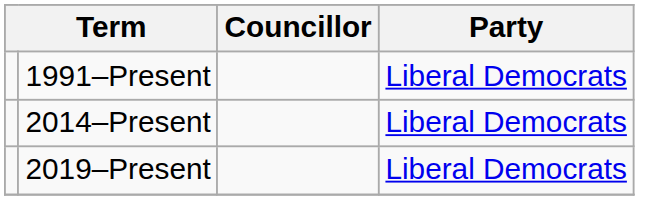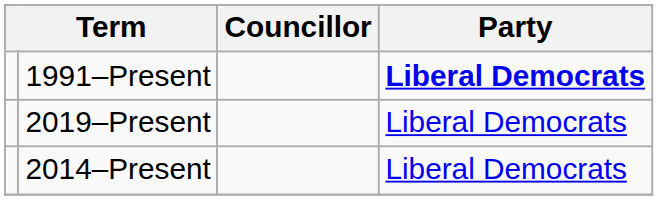 <table class="wikitable">
 <tr>
 <th colspan=2>Term</th>
 <th>Councillor</th>
 <th>Party</th>
 </tr>
 <tr>
 <td style="background-color: "></td>
 <td>1991–Present</td>
 <td></td>
+<td><strong><a href='#'>Liberal Democrats</a></strong></td>
+</tr>
+<tr>
+<td style="background-color: "></td>
+<td>2019–Present</td>
+<td></td>
 <td><a href='#'>Liberal Democrats</a></td>
 </tr>
 <tr>
 <td style="background-color: "></td>
 <td>2014–Present</td>
 <td></td>
 <td><a href='#'>Liberal Democrats</a></td>
 </tr>
 <tr>
-<td style="background-color: "></td>
-<td>2019–Present</td>
-<td></td>
-<td><a href='#'>Liberal Democrats</a></td>
-</tr>
-<tr>
 </tr>
 </table>
